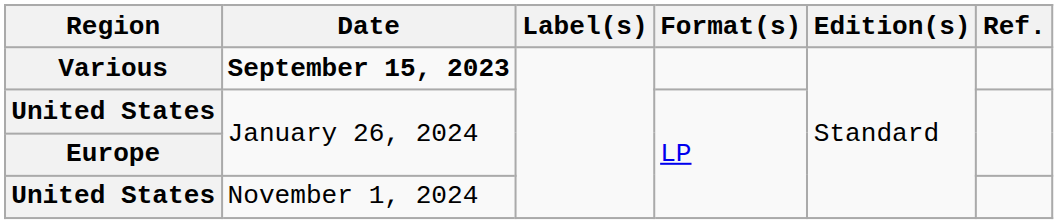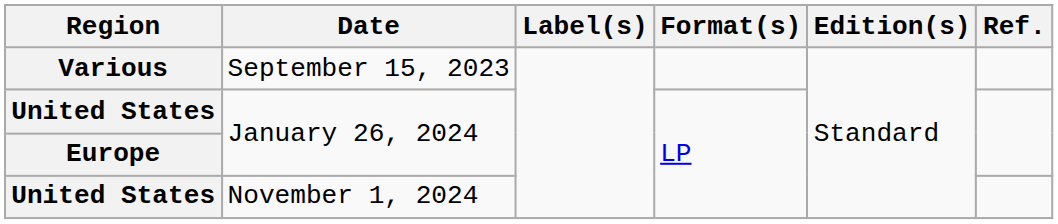 <table class="wikitable plainrowheaders">
 <tr>
 <th scope="col">Region</th>
 <th scope="col">Date</th>
 <th scope="col">Label(s)</th>
 <th scope="col">Format(s)</th>
 <th scope="col">Edition(s)</th>
 <th scope="col">Ref.</th>
 </tr>
 <tr>
 <th scope="row">Various</th>
-<td><strong>September 15, 2023</strong></td>
+<td>September 15, 2023</td>
 <td rowspan="4"></td>
 <td></td>
 <td rowspan="4">Standard</td>
 <td style="text-align: center"></td>
 </tr>
 <tr>
 <th scope="row">United States</th>
 <td rowspan="2">January 26, 2024</td>
 <td rowspan="3"><a href='#'>LP</a></td>
 <td rowspan="2" style="text-align: center"></td>
 </tr>
 <tr>
 <th scope="row" rowspan="1">Europe</th>
 </tr>
 <tr>
 <th scope="row">United States</th>
 <td>November 1, 2024</td>
 <td style="text-align: center"></td>
 </tr>
 </table>
